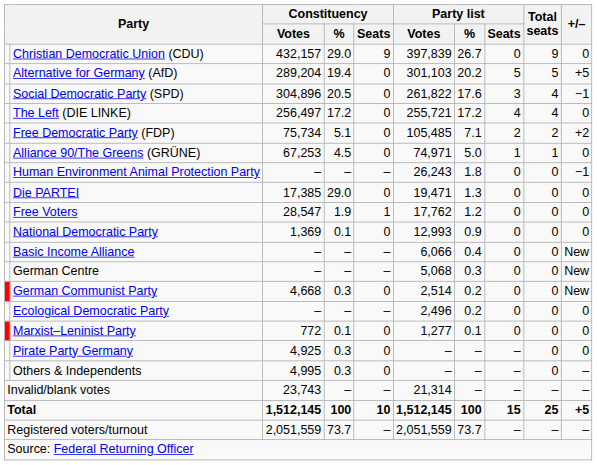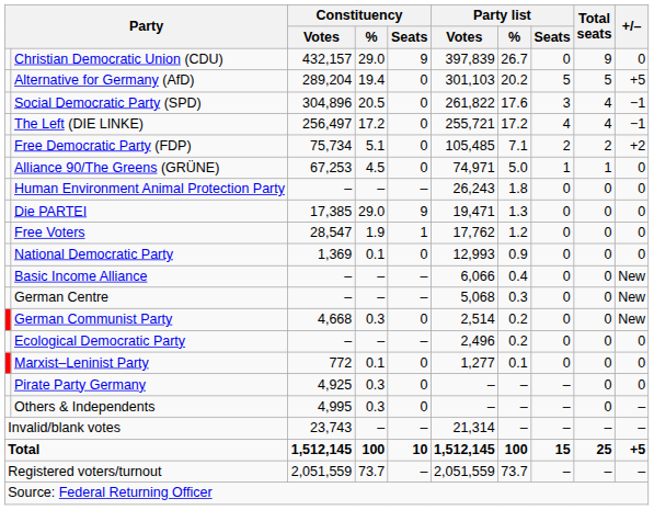 <table class="wikitable" style="text-align:right">
 <tr>
 <th colspan="2" rowspan="2">Party</th>
 <th colspan="3">Constituency</th>
 <th colspan="3">Party list</th>
 <th rowspan="2">Total<br>seats</th>
 <th rowspan="2">+/–</th>
 </tr>
 <tr>
 <th>Votes</th>
 <th>%</th>
 <th>Seats</th>
 <th>Votes</th>
 <th>%</th>
 <th>Seats</th>
 </tr>
 <tr>
 <td></td>
 <td align="left"><a href='#'>Christian Democratic Union</a> (CDU)</td>
 <td>432,157</td>
 <td>29.0</td>
 <td>9</td>
 <td>397,839</td>
 <td>26.7</td>
 <td>0</td>
 <td>9</td>
 <td>0</td>
 </tr>
 <tr>
 <td></td>
 <td align="left"><a href='#'>Alternative for Germany</a> (AfD)</td>
 <td>289,204</td>
 <td>19.4</td>
 <td>0</td>
 <td>301,103</td>
 <td>20.2</td>
 <td>5</td>
 <td>5</td>
 <td>+5</td>
 </tr>
 <tr>
 <td></td>
 <td align="left"><a href='#'>Social Democratic Party</a> (SPD)</td>
 <td>304,896</td>
 <td>20.5</td>
 <td>0</td>
 <td>261,822</td>
 <td>17.6</td>
 <td>3</td>
 <td>4</td>
 <td>−1</td>
 </tr>
 <tr>
 <td></td>
 <td align="left"><a href='#'>The Left</a> (DIE LINKE)</td>
 <td>256,497</td>
 <td>17.2</td>
 <td>0</td>
 <td>255,721</td>
 <td>17.2</td>
 <td>4</td>
 <td>4</td>
-<td>0</td>
+<td>−1</td>
 </tr>
 <tr>
 <td></td>
 <td align="left"><a href='#'>Free Democratic Party</a> (FDP)</td>
 <td>75,734</td>
 <td>5.1</td>
 <td>0</td>
 <td>105,485</td>
 <td>7.1</td>
 <td>2</td>
 <td>2</td>
 <td>+2</td>
 </tr>
 <tr>
 <td></td>
 <td align="left"><a href='#'>Alliance 90/The Greens</a> (GRÜNE)</td>
 <td>67,253</td>
 <td>4.5</td>
 <td>0</td>
 <td>74,971</td>
 <td>5.0</td>
 <td>1</td>
 <td>1</td>
 <td>0</td>
 </tr>
 <tr>
 <td style="background-color:"></td>
 <td align="left"><a href='#'>Human Environment Animal Protection Party</a></td>
 <td>–</td>
 <td>–</td>
 <td>–</td>
 <td>26,243</td>
 <td>1.8</td>
 <td>0</td>
 <td>0</td>
-<td>−1</td>
+<td>0</td>
 </tr>
 <tr>
 <td style="background-color:"></td>
 <td align="left"><a href='#'>Die PARTEI</a></td>
 <td>17,385</td>
 <td>29.0</td>
-<td>0</td>
+<td>9</td>
 <td>19,471</td>
 <td>1.3</td>
 <td>0</td>
 <td>0</td>
 <td>0</td>
 </tr>
 <tr>
 <td style="background-color:"></td>
 <td align="left"><a href='#'>Free Voters</a></td>
 <td>28,547</td>
 <td>1.9</td>
 <td>1</td>
 <td>17,762</td>
 <td>1.2</td>
 <td>0</td>
 <td>0</td>
 <td>0</td>
 </tr>
 <tr>
 <td style="background-color:"></td>
 <td align="left"><a href='#'>National Democratic Party</a></td>
 <td>1,369</td>
 <td>0.1</td>
 <td>0</td>
 <td>12,993</td>
 <td>0.9</td>
 <td>0</td>
 <td>0</td>
 <td>0</td>
 </tr>
 <tr>
 <td style="background-color:"></td>
 <td align="left"><a href='#'>Basic Income Alliance</a></td>
 <td>–</td>
 <td>–</td>
 <td>–</td>
 <td>6,066</td>
 <td>0.4</td>
 <td>0</td>
 <td>0</td>
 <td>New</td>
 </tr>
 <tr>
 <td></td>
 <td align="left">German Centre</td>
 <td>–</td>
 <td>–</td>
 <td>–</td>
 <td>5,068</td>
 <td>0.3</td>
 <td>0</td>
 <td>0</td>
 <td>New</td>
 </tr>
 <tr>
 <td style="background-color:red"></td>
 <td align="left"><a href='#'>German Communist Party</a></td>
 <td>4,668</td>
 <td>0.3</td>
 <td>0</td>
 <td>2,514</td>
 <td>0.2</td>
 <td>0</td>
 <td>0</td>
 <td>New</td>
 </tr>
 <tr>
 <td style="background-color:"></td>
 <td align="left"><a href='#'>Ecological Democratic Party</a></td>
 <td>–</td>
 <td>–</td>
 <td>–</td>
 <td>2,496</td>
 <td>0.2</td>
 <td>0</td>
 <td>0</td>
 <td>0</td>
 </tr>
 <tr>
 <td style="background-color:red"></td>
 <td align="left"><a href='#'>Marxist–Leninist Party</a></td>
 <td>772</td>
 <td>0.1</td>
 <td>0</td>
 <td>1,277</td>
 <td>0.1</td>
 <td>0</td>
 <td>0</td>
 <td>0</td>
 </tr>
 <tr>
 <td style="background-color:"></td>
 <td align="left"><a href='#'>Pirate Party Germany</a></td>
 <td>4,925</td>
 <td>0.3</td>
 <td>0</td>
 <td>–</td>
 <td>–</td>
 <td>–</td>
 <td>0</td>
 <td>0</td>
 </tr>
 <tr>
 <td></td>
 <td align="left">Others & Independents</td>
 <td>4,995</td>
 <td>0.3</td>
 <td>0</td>
 <td>–</td>
 <td>–</td>
 <td>–</td>
 <td>0</td>
 <td>–</td>
 </tr>
 <tr>
 <td colspan="2" align="left">Invalid/blank votes</td>
 <td>23,743</td>
 <td>–</td>
 <td>–</td>
 <td>21,314</td>
 <td>–</td>
 <td>–</td>
 <td>–</td>
 <td>–</td>
 </tr>
 <tr>
 <td colspan="2" align="left"><strong>Total</strong></td>
 <td><strong>1,512,145</strong></td>
 <td><strong>100</strong></td>
 <td><strong>10</strong></td>
 <td><strong>1,512,145</strong></td>
 <td><strong>100</strong></td>
 <td><strong>15</strong></td>
 <td><strong>25</strong></td>
 <td><strong>+5</strong></td>
 </tr>
 <tr>
 <td colspan="2" align="left">Registered voters/turnout</td>
 <td>2,051,559</td>
 <td>73.7</td>
 <td>–</td>
 <td>2,051,559</td>
 <td>73.7</td>
 <td>–</td>
 <td>–</td>
 <td>–</td>
 </tr>
 <tr>
 <td colspan="10" align="left">Source: <a href='#'>Federal Returning Officer</a></td>
 </tr>
 </table>
